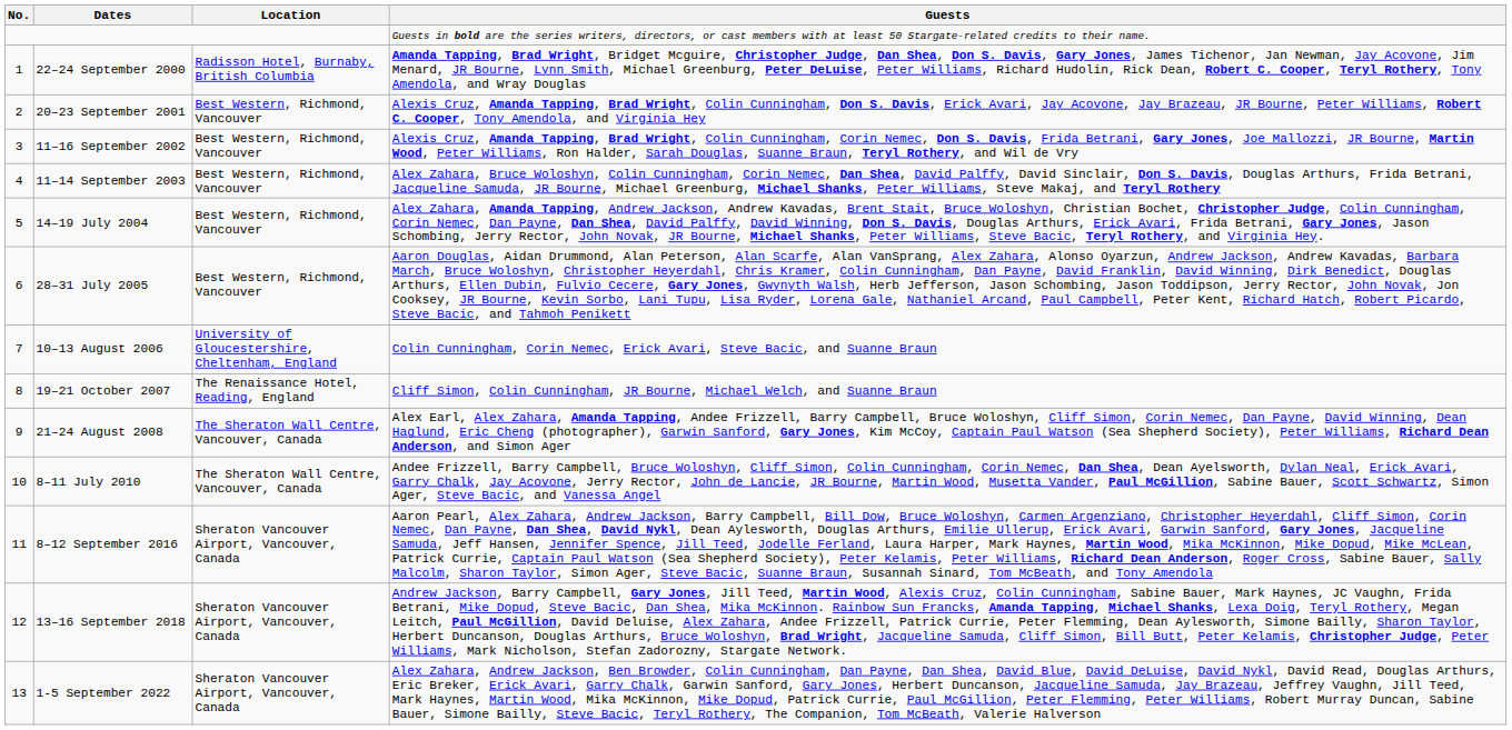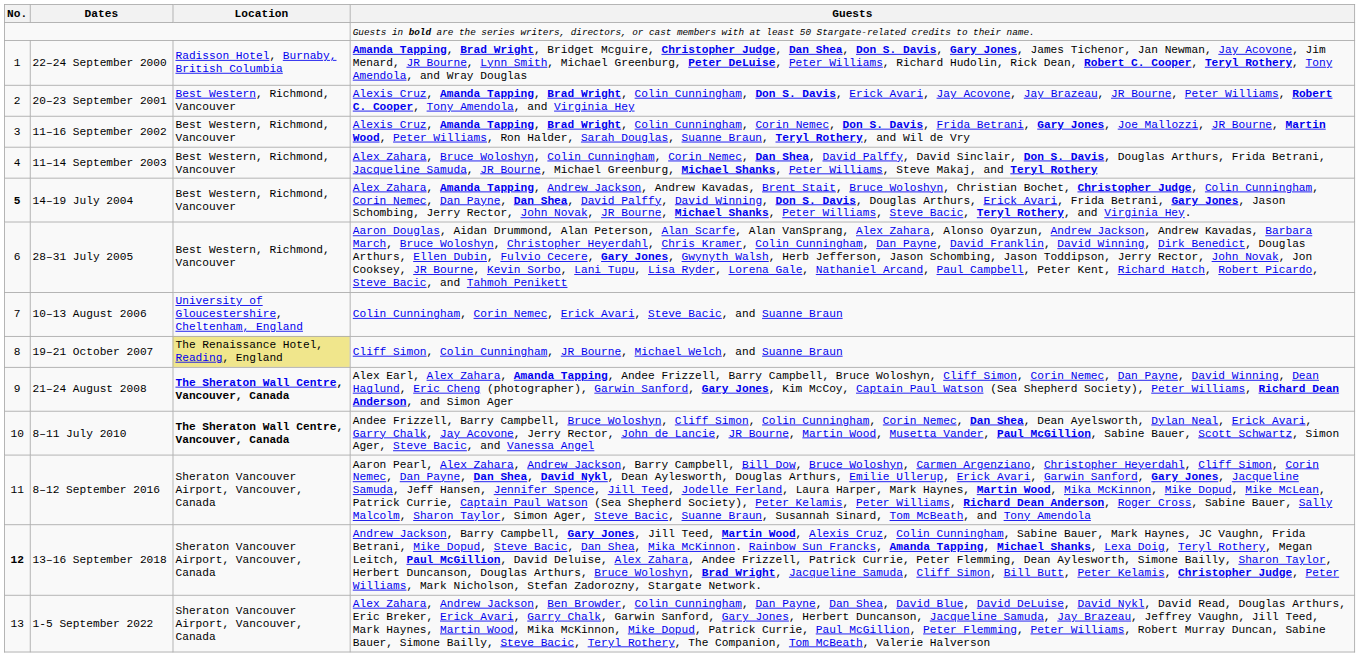 <table class="wikitable">
 <tr>
 <th>No.</th>
 <th scope="col" style="width: 160px;">Dates</th>
 <th scope="col" style="width: 200px;">Location</th>
 <th scope="col">Guests</th>
 </tr>
 <tr>
 <td COLSPAN=3></td>
 <td><em><small>Guests in <strong>bold</strong> are the series writers, directors, or cast members with at least 50 Stargate-related credits to their name.</small></em></td>
 </tr>
 <tr>
 <td style="text-align: center;">1</td>
 <td>22–24 September 2000</td>
 <td><a href='#'>Radisson Hotel</a>, <a href='#'>Burnaby, British Columbia</a></td>
 <td><strong><a href='#'>Amanda Tapping</a></strong>, <strong><a href='#'>Brad Wright</a></strong>, Bridget Mcguire, <strong><a href='#'>Christopher Judge</a></strong>, <strong><a href='#'>Dan Shea</a></strong>, <strong><a href='#'>Don S. Davis</a></strong>, <strong><a href='#'>Gary Jones</a></strong>, James Tichenor, Jan Newman, <a href='#'>Jay Acovone</a>, Jim Menard, <a href='#'>JR Bourne</a>, <a href='#'>Lynn Smith</a>, Michael Greenburg, <strong><a href='#'>Peter DeLuise</a></strong>, <a href='#'>Peter Williams</a>, Richard Hudolin, Rick Dean, <strong><a href='#'>Robert C. Cooper</a></strong>, <strong><a href='#'>Teryl Rothery</a></strong>, <a href='#'>Tony Amendola</a>, and Wray Douglas</td>
 </tr>
 <tr>
 <td style="text-align: center;">2</td>
 <td>20–23 September 2001</td>
 <td><a href='#'>Best Western</a>, Richmond, Vancouver</td>
 <td><a href='#'>Alexis Cruz</a>, <strong><a href='#'>Amanda Tapping</a></strong>, <strong><a href='#'>Brad Wright</a></strong>, <a href='#'>Colin Cunningham</a>, <strong><a href='#'>Don S. Davis</a></strong>, <a href='#'>Erick Avari</a>, <a href='#'>Jay Acovone</a>, <a href='#'>Jay Brazeau</a>, <a href='#'>JR Bourne</a>, <a href='#'>Peter Williams</a>, <strong><a href='#'>Robert C. Cooper</a></strong>, <a href='#'>Tony Amendola</a>, and <a href='#'>Virginia Hey</a></td>
 </tr>
 <tr>
 <td style="text-align: center;">3</td>
 <td>11–16 September 2002</td>
 <td>Best Western, Richmond, Vancouver</td>
 <td><a href='#'>Alexis Cruz</a>, <strong><a href='#'>Amanda Tapping</a></strong>, <strong><a href='#'>Brad Wright</a></strong>, <a href='#'>Colin Cunningham</a>, <a href='#'>Corin Nemec</a>, <strong><a href='#'>Don S. Davis</a></strong>, <a href='#'>Frida Betrani</a>, <strong><a href='#'>Gary Jones</a></strong>, <a href='#'>Joe Mallozzi</a>, <a href='#'>JR Bourne</a>, <strong><a href='#'>Martin Wood</a></strong>, <a href='#'>Peter Williams</a>, Ron Halder, <a href='#'>Sarah Douglas</a>, <a href='#'>Suanne Braun</a>, <strong><a href='#'>Teryl Rothery</a></strong>, and Wil de Vry</td>
 </tr>
 <tr>
 <td style="text-align: center;">4</td>
 <td>11–14 September 2003</td>
 <td>Best Western, Richmond, Vancouver</td>
 <td><a href='#'>Alex Zahara</a>, <a href='#'>Bruce Woloshyn</a>, <a href='#'>Colin Cunningham</a>, <a href='#'>Corin Nemec</a>, <strong><a href='#'>Dan Shea</a></strong>, <a href='#'>David Palffy</a>, David Sinclair, <strong><a href='#'>Don S. Davis</a></strong>, Douglas Arthurs, Frida Betrani, <a href='#'>Jacqueline Samuda</a>, <a href='#'>JR Bourne</a>, Michael Greenburg, <strong><a href='#'>Michael Shanks</a></strong>, <a href='#'>Peter Williams</a>, Steve Makaj, and <strong><a href='#'>Teryl Rothery</a></strong></td>
 </tr>
 <tr>
-<td style="text-align: center;">5</td>
+<td style="text-align: center;"><strong>5</strong></td>
 <td>14–19 July 2004</td>
 <td>Best Western, Richmond, Vancouver</td>
 <td><a href='#'>Alex Zahara</a>, <strong><a href='#'>Amanda Tapping</a></strong>, <a href='#'>Andrew Jackson</a>, Andrew Kavadas, <a href='#'>Brent Stait</a>, <a href='#'>Bruce Woloshyn</a>, Christian Bochet, <strong><a href='#'>Christopher Judge</a></strong>, <a href='#'>Colin Cunningham</a>, <a href='#'>Corin Nemec</a>, <a href='#'>Dan Payne</a>, <strong><a href='#'>Dan Shea</a></strong>, <a href='#'>David Palffy</a>, <a href='#'>David Winning</a>, <strong><a href='#'>Don S. Davis</a></strong>, Douglas Arthurs, <a href='#'>Erick Avari</a>, Frida Betrani, <strong><a href='#'>Gary Jones</a></strong>, Jason Schombing, Jerry Rector, <a href='#'>John Novak</a>, <a href='#'>JR Bourne</a>, <strong><a href='#'>Michael Shanks</a></strong>, <a href='#'>Peter Williams</a>, <a href='#'>Steve Bacic</a>, <strong><a href='#'>Teryl Rothery</a></strong>, and <a href='#'>Virginia Hey</a>.</td>
 </tr>
 <tr>
 <td style="text-align: center;">6</td>
 <td>28–31 July 2005</td>
 <td>Best Western, Richmond, Vancouver</td>
 <td><a href='#'>Aaron Douglas</a>, Aidan Drummond, Alan Peterson, <a href='#'>Alan Scarfe</a>, Alan VanSprang, <a href='#'>Alex Zahara</a>, Alonso Oyarzun, <a href='#'>Andrew Jackson</a>, Andrew Kavadas, <a href='#'>Barbara March</a>, <a href='#'>Bruce Woloshyn</a>, <a href='#'>Christopher Heyerdahl</a>, <a href='#'>Chris Kramer</a>, <a href='#'>Colin Cunningham</a>, <a href='#'>Dan Payne</a>, <a href='#'>David Franklin</a>, <a href='#'>David Winning</a>, <a href='#'>Dirk Benedict</a>, Douglas Arthurs, <a href='#'>Ellen Dubin</a>, <a href='#'>Fulvio Cecere</a>, <strong><a href='#'>Gary Jones</a></strong>, <a href='#'>Gwynyth Walsh</a>, Herb Jefferson, Jason Schombing, Jason Toddipson, Jerry Rector, <a href='#'>John Novak</a>, Jon Cooksey, <a href='#'>JR Bourne</a>, <a href='#'>Kevin Sorbo</a>, <a href='#'>Lani Tupu</a>, <a href='#'>Lisa Ryder</a>, <a href='#'>Lorena Gale</a>, <a href='#'>Nathaniel Arcand</a>, <a href='#'>Paul Campbell</a>, Peter Kent, <a href='#'>Richard Hatch</a>, <a href='#'>Robert Picardo</a>, <a href='#'>Steve Bacic</a>, and <a href='#'>Tahmoh Penikett</a></td>
 </tr>
 <tr>
 <td style="text-align: center;">7</td>
 <td>10–13 August 2006</td>
 <td><a href='#'>University of Gloucestershire</a>, <a href='#'>Cheltenham, England</a></td>
 <td><a href='#'>Colin Cunningham</a>, <a href='#'>Corin Nemec</a>, <a href='#'>Erick Avari</a>, <a href='#'>Steve Bacic</a>, and <a href='#'>Suanne Braun</a></td>
 </tr>
 <tr>
 <td style="text-align: center;">8</td>
 <td>19–21 October 2007</td>
-<td>The Renaissance Hotel, <a href='#'>Reading</a>, England</td>
+<td style="background: khaki;">The Renaissance Hotel, <a href='#'>Reading</a>, England</td>
 <td><a href='#'>Cliff Simon</a>, <a href='#'>Colin Cunningham</a>, <a href='#'>JR Bourne</a>, <a href='#'>Michael Welch</a>, and <a href='#'>Suanne Braun</a></td>
 </tr>
 <tr>
 <td style="text-align: center;">9</td>
 <td>21–24 August 2008</td>
-<td><a href='#'>The Sheraton Wall Centre</a>, Vancouver, Canada</td>
+<td><strong><a href='#'>The Sheraton Wall Centre</a>, Vancouver, Canada</strong></td>
 <td>Alex Earl, <a href='#'>Alex Zahara</a>, <strong><a href='#'>Amanda Tapping</a></strong>, Andee Frizzell, Barry Campbell, Bruce Woloshyn, <a href='#'>Cliff Simon</a>, <a href='#'>Corin Nemec</a>, <a href='#'>Dan Payne</a>, <a href='#'>David Winning</a>, <a href='#'>Dean Haglund</a>, <a href='#'>Eric Cheng</a> (photographer), <a href='#'>Garwin Sanford</a>, <strong><a href='#'>Gary Jones</a></strong>, Kim McCoy, <a href='#'>Captain Paul Watson</a> (Sea Shepherd Society), <a href='#'>Peter Williams</a>, <strong><a href='#'>Richard Dean Anderson</a></strong>, and Simon Ager</td>
 </tr>
 <tr>
 <td style="text-align: center;">10</td>
 <td>8–11 July 2010</td>
-<td>The Sheraton Wall Centre, Vancouver, Canada</td>
+<td><strong>The Sheraton Wall Centre, Vancouver, Canada</strong></td>
 <td>Andee Frizzell, Barry Campbell, <a href='#'>Bruce Woloshyn</a>, <a href='#'>Cliff Simon</a>, <a href='#'>Colin Cunningham</a>, <a href='#'>Corin Nemec</a>, <strong><a href='#'>Dan Shea</a></strong>, Dean Ayelsworth, <a href='#'>Dylan Neal</a>, <a href='#'>Erick Avari</a>, <a href='#'>Garry Chalk</a>, <a href='#'>Jay Acovone</a>, Jerry Rector, <a href='#'>John de Lancie</a>, <a href='#'>JR Bourne</a>, <a href='#'>Martin Wood</a>, <a href='#'>Musetta Vander</a>, <strong><a href='#'>Paul McGillion</a></strong>, Sabine Bauer, <a href='#'>Scott Schwartz</a>, Simon Ager, <a href='#'>Steve Bacic</a>, and <a href='#'>Vanessa Angel</a></td>
 </tr>
 <tr>
 <td style="text-align: center;">11</td>
 <td>8–12 September 2016</td>
 <td>Sheraton Vancouver Airport, Vancouver, Canada</td>
 <td>Aaron Pearl, <a href='#'>Alex Zahara</a>, <a href='#'>Andrew Jackson</a>, Barry Campbell, <a href='#'>Bill Dow</a>, <a href='#'>Bruce Woloshyn</a>, <a href='#'>Carmen Argenziano</a>, <a href='#'>Christopher Heyerdahl</a>, <a href='#'>Cliff Simon</a>, <a href='#'>Corin Nemec</a>, <a href='#'>Dan Payne</a>, <strong><a href='#'>Dan Shea</a></strong>, <strong><a href='#'>David Nykl</a></strong>, Dean Aylesworth, Douglas Arthurs, <a href='#'>Emilie Ullerup</a>, <a href='#'>Erick Avari</a>, <a href='#'>Garwin Sanford</a>, <strong><a href='#'>Gary Jones</a></strong>, <a href='#'>Jacqueline Samuda</a>, Jeff Hansen, <a href='#'>Jennifer Spence</a>, <a href='#'>Jill Teed</a>, <a href='#'>Jodelle Ferland</a>, Laura Harper, Mark Haynes, <strong><a href='#'>Martin Wood</a></strong>, <a href='#'>Mika McKinnon</a>, <a href='#'>Mike Dopud</a>, <a href='#'>Mike McLean</a>,  Patrick Currie, <a href='#'>Captain Paul Watson</a> (Sea Shepherd Society), <a href='#'>Peter Kelamis</a>, <a href='#'>Peter Williams</a>, <strong><a href='#'>Richard Dean Anderson</a></strong>, <a href='#'>Roger Cross</a>, Sabine Bauer, <a href='#'>Sally Malcolm</a>, <a href='#'>Sharon Taylor</a>, Simon Ager, <a href='#'>Steve Bacic</a>, <a href='#'>Suanne Braun</a>, Susannah Sinard, <a href='#'>Tom McBeath</a>, and <a href='#'>Tony Amendola</a></td>
 </tr>
 <tr>
-<td style="text-align: center;">12</td>
+<td style="text-align: center;"><strong>12</strong></td>
 <td>13–16 September 2018</td>
 <td>Sheraton Vancouver Airport, Vancouver, Canada</td>
 <td><a href='#'>Andrew Jackson</a>, Barry Campbell, <strong><a href='#'>Gary Jones</a></strong>, Jill Teed, <strong><a href='#'>Martin Wood</a></strong>, <a href='#'>Alexis Cruz</a>, <a href='#'>Colin Cunningham</a>, Sabine Bauer, Mark Haynes, JC Vaughn, Frida Betrani, <a href='#'>Mike Dopud</a>, <a href='#'>Steve Bacic</a>, <a href='#'>Dan Shea</a>, <a href='#'>Mika McKinnon</a>. <a href='#'>Rainbow Sun Francks</a>, <strong><a href='#'>Amanda Tapping</a></strong>, <strong><a href='#'>Michael Shanks</a></strong>, <a href='#'>Lexa Doig</a>, <a href='#'>Teryl Rothery</a>, Megan Leitch, <strong><a href='#'>Paul McGillion</a></strong>, David Deluise, <a href='#'>Alex Zahara</a>, Andee Frizzell, Patrick Currie, Peter Flemming, Dean Aylesworth, Simone Bailly, <a href='#'>Sharon Taylor</a>, Herbert Duncanson, Douglas Arthurs, <a href='#'>Bruce Woloshyn</a>, <strong><a href='#'>Brad Wright</a></strong>, <a href='#'>Jacqueline Samuda</a>, <a href='#'>Cliff Simon</a>, <a href='#'>Bill Butt</a>, <a href='#'>Peter Kelamis</a>, <strong><a href='#'>Christopher Judge</a></strong>, <a href='#'>Peter Williams</a>, Mark Nicholson, Stefan Zadorozny, Stargate Network.</td>
 </tr>
 <tr>
 <td style="text-align: center;">13</td>
 <td>1-5 September 2022</td>
 <td>Sheraton Vancouver Airport, Vancouver, Canada</td>
 <td><a href='#'>Alex Zahara</a>, <a href='#'>Andrew Jackson</a>, <a href='#'>Ben Browder</a>, <a href='#'>Colin Cunningham</a>, <a href='#'>Dan Payne</a>, <a href='#'>Dan Shea</a>, <a href='#'>David Blue</a>, <a href='#'>David DeLuise</a>, <a href='#'>David Nykl</a>, David Read, Douglas Arthurs, Eric Breker, <a href='#'>Erick Avari</a>, <a href='#'>Garry Chalk</a>, Garwin Sanford, <a href='#'>Gary Jones</a>, Herbert Duncanson, <a href='#'>Jacqueline Samuda</a>, <a href='#'>Jay Brazeau</a>, Jeffrey Vaughn, Jill Teed, Mark Haynes, <a href='#'>Martin Wood</a>, Mika McKinnon, <a href='#'>Mike Dopud</a>, Patrick Currie, <a href='#'>Paul McGillion</a>, <a href='#'>Peter Flemming</a>, <a href='#'>Peter Williams</a>, Robert Murray Duncan, Sabine Bauer, Simone Bailly, <a href='#'>Steve Bacic</a>, <a href='#'>Teryl Rothery</a>, The Companion, <a href='#'>Tom McBeath</a>, Valerie Halverson</td>
 </tr>
 </table>
